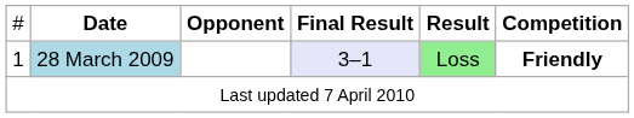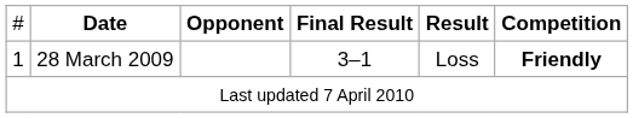 <table border=1 align=center cellpadding=4 cellspacing=2 style="font-size:90%; border: 1px #aaaaaa solid; border-collapse: collapse; text-align: center;">
 <tr>
 <td>#</td>
 <th>Date</th>
 <th>Opponent</th>
 <th>Final Result</th>
 <th>Result</th>
 <th>Competition</th>
 </tr>
 <tr>
 <td>1</td>
-<td style="background: lightblue;">28 March 2009</td>
+<td>28 March 2009</td>
 <td></td>
-<td style="background: lavender;">3–1</td>
-<td style="background: lightgreen;">Loss</td>
+<td>3–1</td>
+<td>Loss</td>
 <td><strong>Friendly</strong></td>
 </tr>
 <tr>
 <td colspan="12"><small>Last updated 7 April 2010</small></td>
 </tr>
 </table>
